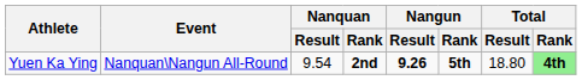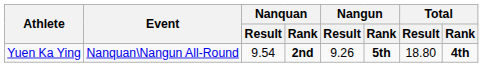 <table class=wikitable style="font-size:90%">
 <tr>
 <th rowspan="2">Athlete</th>
 <th rowspan="2">Event</th>
 <th colspan="2">Nanquan</th>
 <th colspan="2">Nangun</th>
 <th colspan="2">Total</th>
 </tr>
 <tr>
 <th>Result</th>
 <th>Rank</th>
 <th>Result</th>
 <th>Rank</th>
 <th>Result</th>
 <th>Rank</th>
 </tr>
 <tr>
 <td><a href='#'>Yuen Ka Ying</a></td>
 <td><a href='#'>Nanquan\Nangun All-Round</a></td>
 <td align=center>9.54</td>
 <td align=center><strong>2nd</strong></td>
-<td align=center><strong>9.26</strong></td>
+<td align=center>9.26</td>
 <td align=center><strong>5th</strong></td>
 <td align=center>18.80</td>
-<td align=center style="background: lightgreen;"><strong>4th</strong></td>
+<td align=center><strong>4th</strong></td>
 </tr>
 </table>
